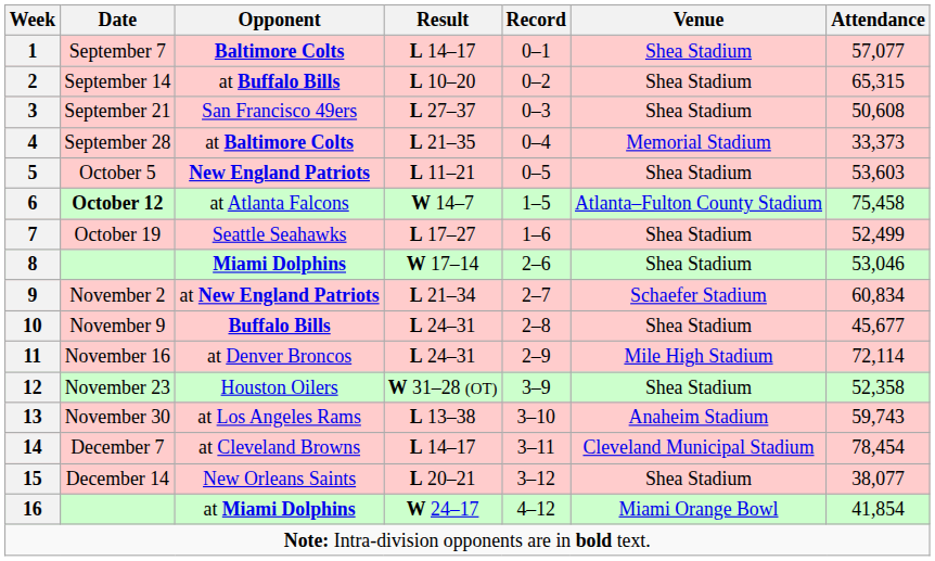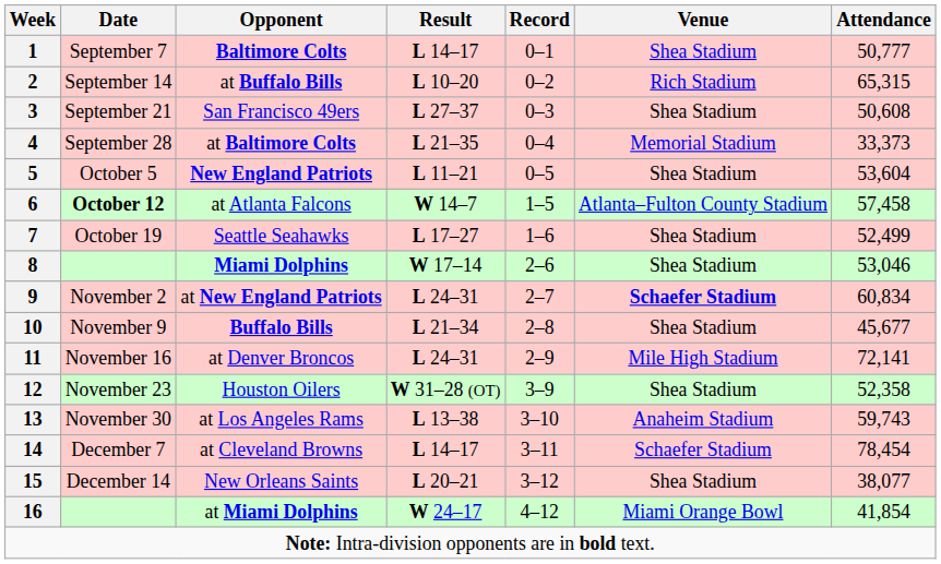 <table class="wikitable" style="text-align:center">
 <tr>
 <th>Week</th>
 <th>Date</th>
 <th>Opponent</th>
 <th>Result</th>
 <th>Record</th>
 <th>Venue</th>
 <th>Attendance</th>
 </tr>
 <tr style="background:#fcc">
 <th>1</th>
 <td>September 7</td>
 <td><strong><a href='#'>Baltimore Colts</a></strong></td>
 <td><strong>L</strong> 14–17</td>
 <td>0–1</td>
 <td><a href='#'>Shea Stadium</a></td>
-<td>57,077</td>
+<td>50,777</td>
 </tr>
 <tr style="background:#fcc">
 <th>2</th>
 <td>September 14</td>
 <td>at <strong><a href='#'>Buffalo Bills</a></strong></td>
 <td><strong>L</strong> 10–20</td>
 <td>0–2</td>
-<td>Shea Stadium</td>
+<td><a href='#'>Rich Stadium</a></td>
 <td>65,315</td>
 </tr>
 <tr style="background:#fcc">
 <th>3</th>
 <td>September 21</td>
 <td><a href='#'>San Francisco 49ers</a></td>
 <td><strong>L</strong> 27–37</td>
 <td>0–3</td>
 <td>Shea Stadium</td>
 <td>50,608</td>
 </tr>
 <tr style="background:#fcc">
 <th>4</th>
 <td>September 28</td>
 <td>at <strong><a href='#'>Baltimore Colts</a></strong></td>
 <td><strong>L</strong> 21–35</td>
 <td>0–4</td>
 <td><a href='#'>Memorial Stadium</a></td>
 <td>33,373</td>
 </tr>
 <tr style="background:#fcc">
 <th>5</th>
 <td>October 5</td>
 <td><strong><a href='#'>New England Patriots</a></strong></td>
 <td><strong>L</strong> 11–21</td>
 <td>0–5</td>
 <td>Shea Stadium</td>
-<td>53,603</td>
+<td>53,604</td>
 </tr>
 <tr style="background:#cfc">
 <th>6</th>
 <td><strong>October 12</strong></td>
 <td>at <a href='#'>Atlanta Falcons</a></td>
 <td><strong>W</strong> 14–7</td>
 <td>1–5</td>
 <td><a href='#'>Atlanta–Fulton County Stadium</a></td>
-<td>75,458</td>
+<td>57,458</td>
 </tr>
 <tr style="background:#fcc">
 <th>7</th>
 <td>October 19</td>
 <td><a href='#'>Seattle Seahawks</a></td>
 <td><strong>L</strong> 17–27</td>
 <td>1–6</td>
 <td>Shea Stadium</td>
 <td>52,499</td>
 </tr>
 <tr style="background:#cfc">
 <th>8</th>
 <td></td>
 <td><strong><a href='#'>Miami Dolphins</a></strong></td>
 <td><strong>W</strong> 17–14</td>
 <td>2–6</td>
 <td>Shea Stadium</td>
 <td>53,046</td>
 </tr>
 <tr style="background:#fcc">
 <th>9</th>
 <td>November 2</td>
 <td>at <strong><a href='#'>New England Patriots</a></strong></td>
-<td><strong>L</strong> 21–34</td>
+<td><strong>L</strong> 24–31</td>
 <td>2–7</td>
-<td><a href='#'>Schaefer Stadium</a></td>
+<td><strong><a href='#'>Schaefer Stadium</a></strong></td>
 <td>60,834</td>
 </tr>
 <tr style="background:#fcc">
 <th>10</th>
 <td>November 9</td>
 <td><strong><a href='#'>Buffalo Bills</a></strong></td>
-<td><strong>L</strong> 24–31</td>
+<td><strong>L</strong> 21–34</td>
 <td>2–8</td>
 <td>Shea Stadium</td>
 <td>45,677</td>
 </tr>
 <tr style="background:#fcc">
 <th>11</th>
 <td>November 16</td>
 <td>at <a href='#'>Denver Broncos</a></td>
 <td><strong>L</strong> 24–31</td>
 <td>2–9</td>
 <td><a href='#'>Mile High Stadium</a></td>
-<td>72,114</td>
+<td>72,141</td>
 </tr>
 <tr style="background:#cfc">
 <th>12</th>
 <td>November 23</td>
 <td><a href='#'>Houston Oilers</a></td>
 <td><strong>W</strong> 31–28 <small>(OT)</small></td>
 <td>3–9</td>
 <td>Shea Stadium</td>
 <td>52,358</td>
 </tr>
 <tr style="background:#fcc">
 <th>13</th>
 <td>November 30</td>
 <td>at <a href='#'>Los Angeles Rams</a></td>
 <td><strong>L</strong> 13–38</td>
 <td>3–10</td>
 <td><a href='#'>Anaheim Stadium</a></td>
 <td>59,743</td>
 </tr>
 <tr style="background:#fcc">
 <th>14</th>
 <td>December 7</td>
 <td>at <a href='#'>Cleveland Browns</a></td>
 <td><strong>L</strong> 14–17</td>
 <td>3–11</td>
-<td><a href='#'>Cleveland Municipal Stadium</a></td>
+<td><a href='#'>Schaefer Stadium</a></td>
 <td>78,454</td>
 </tr>
 <tr style="background:#fcc">
 <th>15</th>
 <td>December 14</td>
 <td><a href='#'>New Orleans Saints</a></td>
 <td><strong>L</strong> 20–21</td>
 <td>3–12</td>
 <td>Shea Stadium</td>
 <td>38,077</td>
 </tr>
 <tr style="background:#cfc">
 <th>16</th>
 <td></td>
 <td>at <strong><a href='#'>Miami Dolphins</a></strong></td>
 <td><strong>W</strong> <a href='#'>24–17</a></td>
 <td>4–12</td>
 <td><a href='#'>Miami Orange Bowl</a></td>
 <td>41,854</td>
 </tr>
 <tr>
 <td colspan="8"><strong>Note:</strong> Intra-division opponents are in <strong>bold</strong> text.</td>
 </tr>
 </table>
